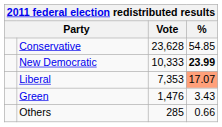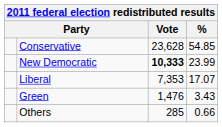 <table class="wikitable">
 <tr>
 <th colspan="4"><a href='#'>2011 federal election</a> redistributed results</th>
 </tr>
 <tr>
 <th bgcolor="#DDDDFF" width="130px" colspan="2">Party</th>
 <th bgcolor="#DDDDFF" width="50px">Vote</th>
 <th bgcolor="#DDDDFF" width="30px">%</th>
 </tr>
 <tr>
 <td> </td>
 <td><a href='#'>Conservative</a></td>
 <td align=right>23,628</td>
 <td align=right>54.85</td>
 </tr>
 <tr>
 <td> </td>
 <td><a href='#'>New Democratic</a></td>
-<td align=right>10,333</td>
-<td align=right><strong>23.99</strong></td>
+<td align=right><strong>10,333</strong></td>
+<td align=right>23.99</td>
 </tr>
 <tr>
 <td> </td>
 <td><a href='#'>Liberal</a></td>
 <td align=right>7,353</td>
-<td align=right style="background: lightsalmon;">17.07</td>
+<td align=right>17.07</td>
 </tr>
 <tr>
 <td> </td>
 <td><a href='#'>Green</a></td>
 <td align=right>1,476</td>
 <td align=right>3.43</td>
 </tr>
 <tr>
 <td> </td>
 <td>Others</td>
 <td align=right>285</td>
 <td align=right>0.66</td>
 </tr>
 </table>
